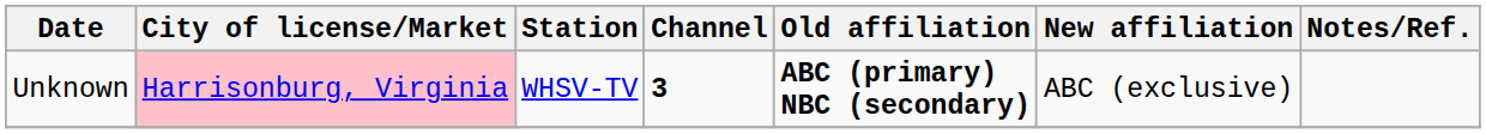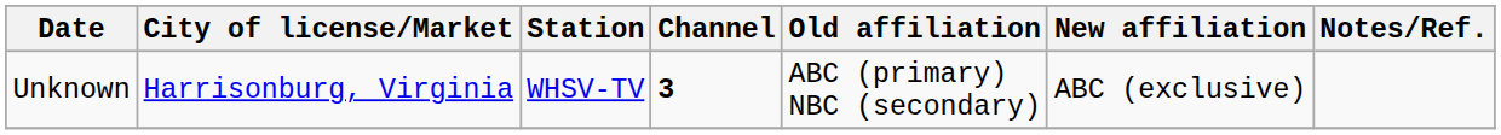 <table class="wikitable sortable">
 <tr>
 <th>Date</th>
 <th>City of license/Market</th>
 <th>Station</th>
 <th>Channel</th>
 <th>Old affiliation</th>
 <th>New affiliation</th>
 <th>Notes/Ref.</th>
 </tr>
 <tr>
 <td>Unknown</td>
-<td style="background: pink;"><a href='#'>Harrisonburg, Virginia</a></td>
+<td><a href='#'>Harrisonburg, Virginia</a></td>
 <td><a href='#'>WHSV-TV</a></td>
 <td><strong>3</strong></td>
-<td><strong>ABC (primary) <br> NBC (secondary)</strong></td>
+<td>ABC (primary) <br> NBC (secondary)</td>
 <td>ABC (exclusive)</td>
 <td></td>
 </tr>
 <tr>
 </tr>
 </table>
